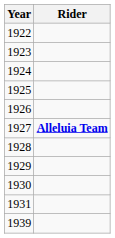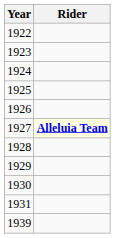 <table class="wikitable">
 <tr>
 <th>Year</th>
 <th>Rider</th>
 </tr>
 <tr>
 <td align="center">1922</td>
 <td></td>
 </tr>
 <tr>
 <td align="center">1923</td>
 <td></td>
 </tr>
 <tr>
 <td align="center">1924</td>
 <td></td>
 </tr>
 <tr>
 <td align="center">1925</td>
 <td></td>
 </tr>
 <tr>
 <td align="center">1926</td>
 <td></td>
 </tr>
 <tr>
 <td align="center">1927</td>
-<td> <strong><a href='#'>Alleluia Team</a></strong></td>
+<td style="background: lightyellow;"> <strong><a href='#'>Alleluia Team</a></strong></td>
 </tr>
 <tr>
 <td align="center">1928</td>
 <td></td>
 </tr>
 <tr>
 <td align="center">1929</td>
 <td></td>
 </tr>
 <tr>
 <td align="center">1930</td>
 <td></td>
 </tr>
 <tr>
 <td align="center">1931</td>
 <td></td>
 </tr>
 <tr>
 <td align="center">1939</td>
 <td></td>
 </tr>
 </table>
